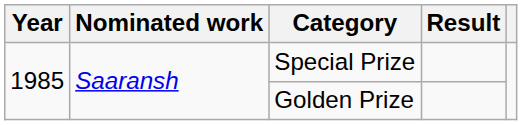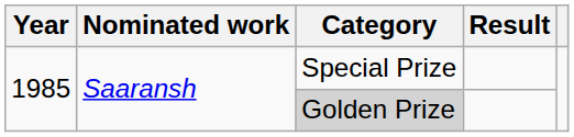 <table class="wikitable">
 <tr>
 <th scope="col">Year</th>
 <th scope="col">Nominated work</th>
 <th scope="col">Category</th>
 <th scope="col">Result</th>
 <th scope="col" class="unsortable"></th>
 </tr>
 <tr>
 <td rowspan=2>1985</td>
 <td rowspan=2><em><a href='#'>Saaransh</a></em></td>
 <td>Special Prize</td>
 <td></td>
 <td rowspan=2></td>
 </tr>
 <tr>
-<td>Golden Prize</td>
+<td style="background: lightgrey;">Golden Prize</td>
 <td></td>
 </tr>
 </table>
